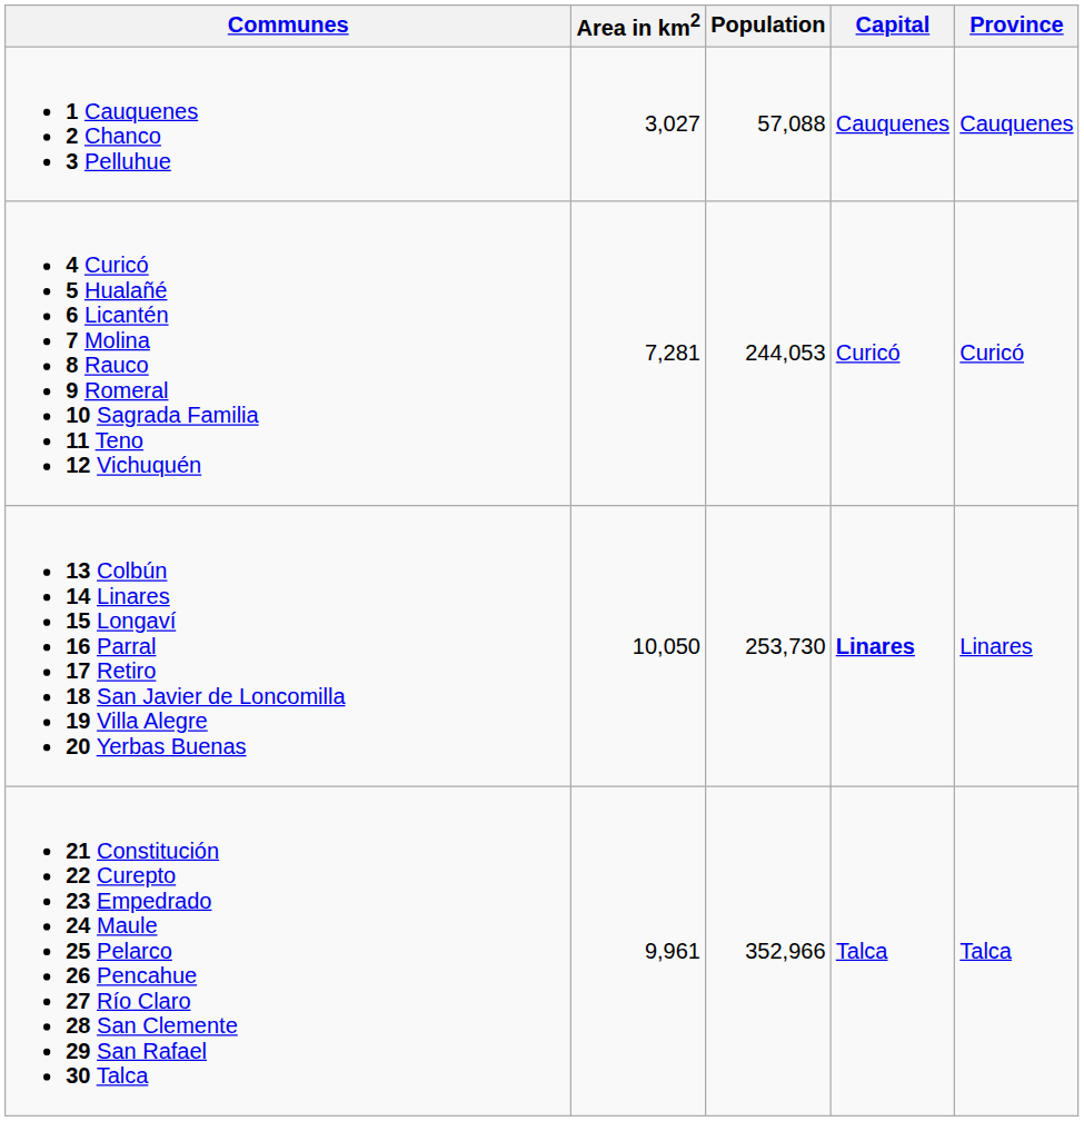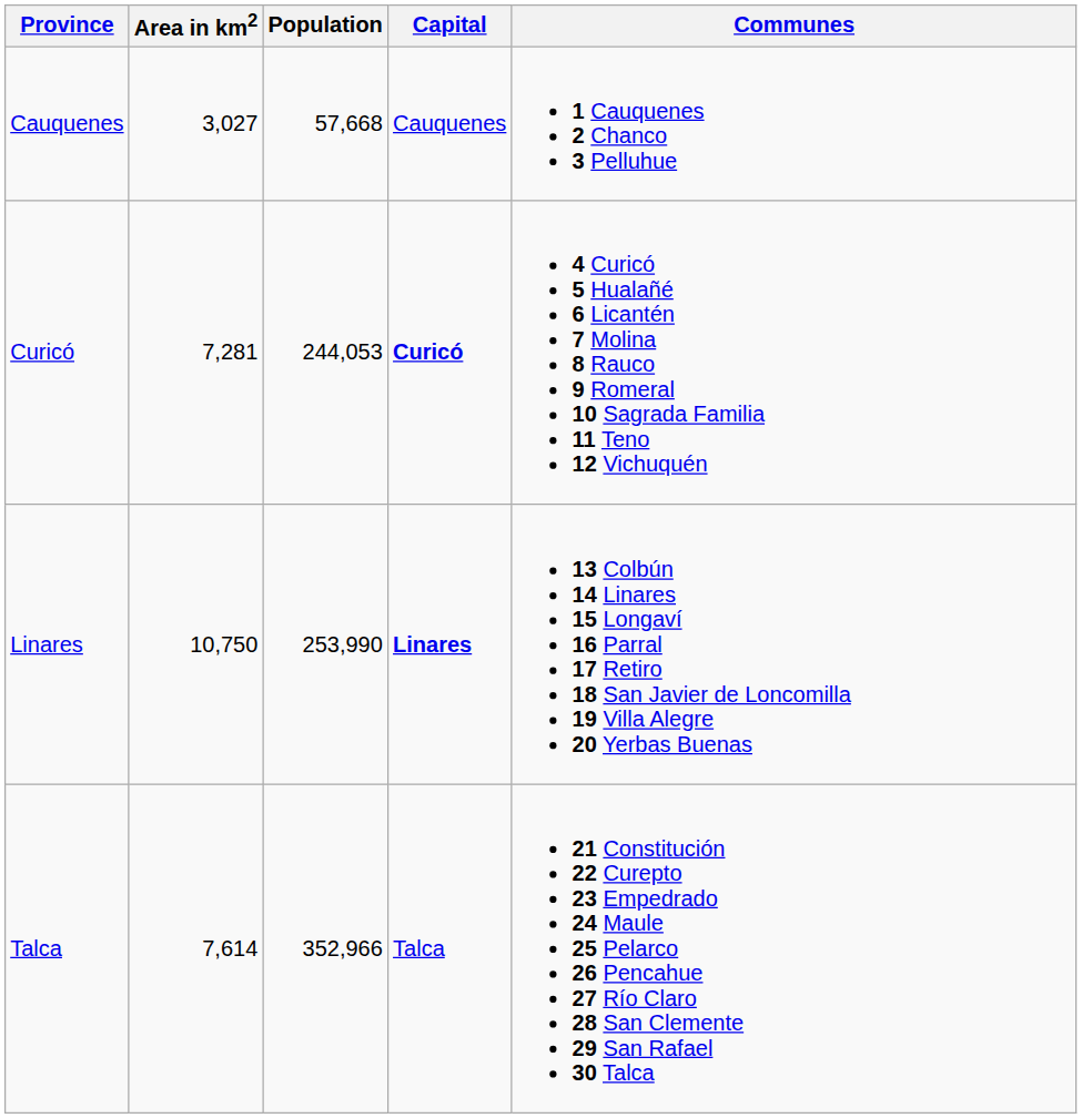 <table class="wikitable">
 <tr>
-<th scope="col" width="400"><a href='#'>Communes</a></th>
+<th><a href='#'>Province</a></th>
 <th>Area in km<sup>2</sup></th>
 <th>Population</th>
 <th><a href='#'>Capital</a></th>
-<th><a href='#'>Province</a></th>
+<th scope="col" width="400"><a href='#'>Communes</a></th>
 </tr>
 <tr>
+<td><a href='#'>Cauquenes</a></td>
+<td align=right>3,027</td>
+<td align=right>57,668</td>
+<td><a href='#'>Cauquenes</a></td>
 <td><br><ul><li><strong>1</strong> <a href='#'>Cauquenes</a></li><li><strong>2</strong> <a href='#'>Chanco</a></li><li><strong>3</strong> <a href='#'>Pelluhue</a></li></ul></td>
-<td align=right>3,027</td>
-<td align=right>57,088</td>
-<td><a href='#'>Cauquenes</a></td>
-<td><a href='#'>Cauquenes</a></td>
 </tr>
 <tr>
-<td><br><ul><li><strong>4</strong> <a href='#'>Curicó</a></li><li><strong>5</strong> <a href='#'>Hualañé</a></li><li><strong>6</strong> <a href='#'>Licantén</a></li><li><strong>7</strong> <a href='#'>Molina</a></li><li><strong>8</strong> <a href='#'>Rauco</a></li><li><strong>9</strong> <a href='#'>Romeral</a></li><li><strong>10</strong> <a href='#'>Sagrada Familia</a></li><li><strong>11</strong> <a href='#'>Teno</a></li><li><strong>12</strong> <a href='#'>Vichuquén</a></li></ul></td>
+<td><a href='#'>Curicó</a></td>
 <td align=right>7,281</td>
 <td align=right>244,053</td>
-<td><a href='#'>Curicó</a></td>
-<td><a href='#'>Curicó</a></td>
+<td><strong><a href='#'>Curicó</a></strong></td>
+<td><br><ul><li><strong>4</strong> <a href='#'>Curicó</a></li><li><strong>5</strong> <a href='#'>Hualañé</a></li><li><strong>6</strong> <a href='#'>Licantén</a></li><li><strong>7</strong> <a href='#'>Molina</a></li><li><strong>8</strong> <a href='#'>Rauco</a></li><li><strong>9</strong> <a href='#'>Romeral</a></li><li><strong>10</strong> <a href='#'>Sagrada Familia</a></li><li><strong>11</strong> <a href='#'>Teno</a></li><li><strong>12</strong> <a href='#'>Vichuquén</a></li></ul></td>
 </tr>
 <tr>
+<td><a href='#'>Linares</a></td>
+<td align=right>10,750</td>
+<td align=right>253,990</td>
+<td><strong><a href='#'>Linares</a></strong></td>
 <td><br><ul><li><strong>13</strong> <a href='#'>Colbún</a></li><li><strong>14</strong> <a href='#'>Linares</a></li><li><strong>15</strong> <a href='#'>Longaví</a></li><li><strong>16</strong> <a href='#'>Parral</a></li><li><strong>17</strong> <a href='#'>Retiro</a></li><li><strong>18</strong> <a href='#'>San Javier de Loncomilla</a></li><li><strong>19</strong> <a href='#'>Villa Alegre</a></li><li><strong>20</strong> <a href='#'>Yerbas Buenas</a></li></ul></td>
-<td align=right>10,050</td>
-<td align=right>253,730</td>
-<td><strong><a href='#'>Linares</a></strong></td>
-<td><a href='#'>Linares</a></td>
 </tr>
 <tr>
-<td><br><ul><li><strong>21</strong> <a href='#'>Constitución</a></li><li><strong>22</strong> <a href='#'>Curepto</a></li><li><strong>23</strong> <a href='#'>Empedrado</a></li><li><strong>24</strong> <a href='#'>Maule</a></li><li><strong>25</strong> <a href='#'>Pelarco</a></li><li><strong>26</strong> <a href='#'>Pencahue</a></li><li><strong>27</strong> <a href='#'>Río Claro</a></li><li><strong>28</strong> <a href='#'>San Clemente</a></li><li><strong>29</strong> <a href='#'>San Rafael</a></li><li><strong>30</strong> <a href='#'>Talca</a></li></ul></td>
-<td align=right>9,961</td>
+<td><a href='#'>Talca</a></td>
+<td align=right>7,614</td>
 <td align=right>352,966</td>
 <td><a href='#'>Talca</a></td>
-<td><a href='#'>Talca</a></td>
+<td><br><ul><li><strong>21</strong> <a href='#'>Constitución</a></li><li><strong>22</strong> <a href='#'>Curepto</a></li><li><strong>23</strong> <a href='#'>Empedrado</a></li><li><strong>24</strong> <a href='#'>Maule</a></li><li><strong>25</strong> <a href='#'>Pelarco</a></li><li><strong>26</strong> <a href='#'>Pencahue</a></li><li><strong>27</strong> <a href='#'>Río Claro</a></li><li><strong>28</strong> <a href='#'>San Clemente</a></li><li><strong>29</strong> <a href='#'>San Rafael</a></li><li><strong>30</strong> <a href='#'>Talca</a></li></ul></td>
 </tr>
 </table>
